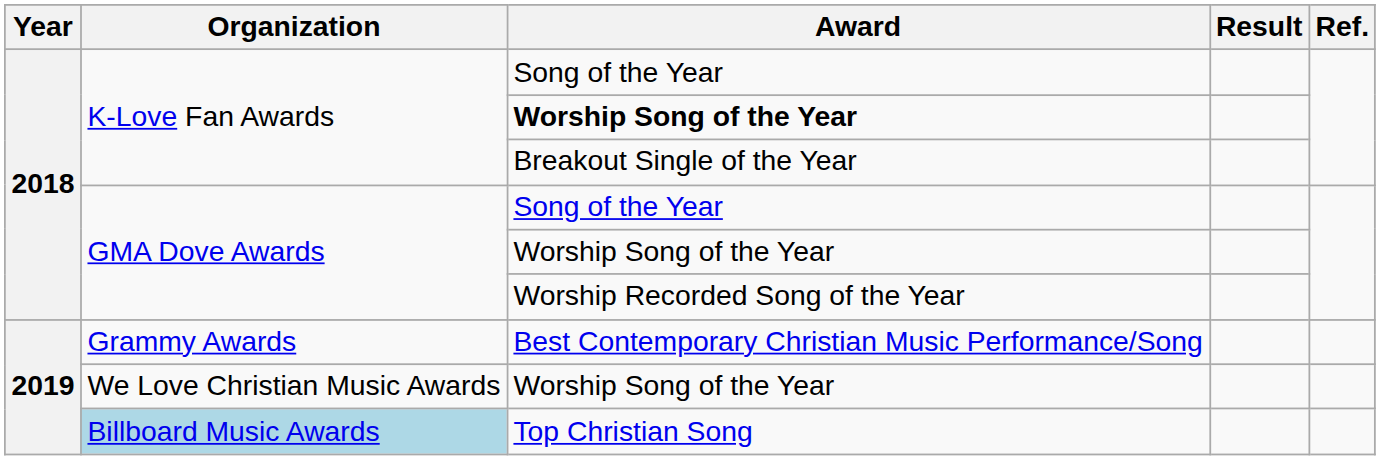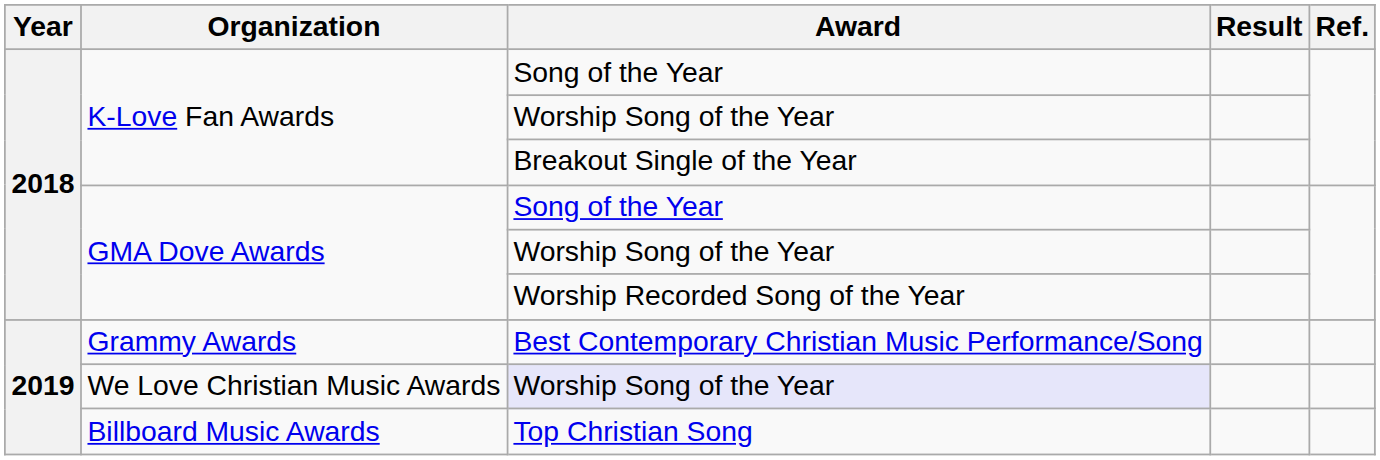 <table class="wikitable plainrowheaders">
 <tr>
 <th>Year</th>
 <th>Organization</th>
 <th>Award</th>
 <th>Result</th>
 <th>Ref.</th>
 </tr>
 <tr>
 <th scope="row" rowspan="6">2018</th>
 <td rowspan="3"><a href='#'>K-Love</a> Fan Awards</td>
 <td>Song of the Year</td>
 <td></td>
 <td rowspan="3" style="text-align:center;"> <br> </td>
 </tr>
 <tr>
-<td><strong>Worship Song of the Year</strong></td>
+<td>Worship Song of the Year</td>
 <td></td>
 </tr>
 <tr>
 <td>Breakout Single of the Year</td>
 <td></td>
 </tr>
 <tr>
 <td rowspan="3"><a href='#'>GMA Dove Awards</a></td>
 <td><a href='#'>Song of the Year</a></td>
 <td></td>
 <td rowspan="3" style="text-align:center;"> <br> </td>
 </tr>
 <tr>
 <td>Worship Song of the Year</td>
 <td></td>
 </tr>
 <tr>
 <td>Worship Recorded Song of the Year</td>
 <td></td>
 </tr>
 <tr>
 <th scope="row" rowspan="3">2019</th>
 <td><a href='#'>Grammy Awards</a></td>
 <td><a href='#'>Best Contemporary Christian Music Performance/Song</a></td>
 <td></td>
 <td style="text-align:center;"></td>
 </tr>
 <tr>
 <td>We Love Christian Music Awards</td>
-<td>Worship Song of the Year</td>
+<td style="background: lavender;">Worship Song of the Year</td>
 <td></td>
 <td style="text-align:center;"> <br> </td>
 </tr>
 <tr>
-<td style="background: lightblue;"><a href='#'>Billboard Music Awards</a></td>
+<td><a href='#'>Billboard Music Awards</a></td>
 <td><a href='#'>Top Christian Song</a></td>
 <td></td>
 <td style="text-align:center;"></td>
 </tr>
 </table>
